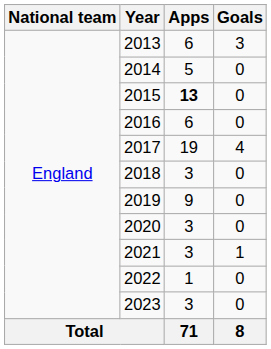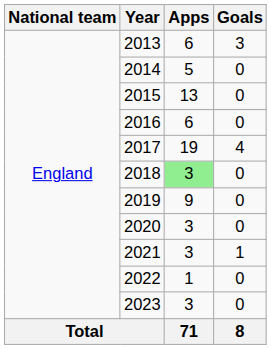 <table class="wikitable" style="text-align:center">
 <tr>
 <th>National team</th>
 <th>Year</th>
 <th>Apps</th>
 <th>Goals</th>
 </tr>
 <tr>
 <td rowspan="11"><a href='#'>England</a></td>
 <td>2013</td>
 <td>6</td>
 <td>3</td>
 </tr>
 <tr>
 <td>2014</td>
 <td>5</td>
 <td>0</td>
 </tr>
 <tr>
 <td>2015</td>
-<td><strong>13</strong></td>
+<td>13</td>
 <td>0</td>
 </tr>
 <tr>
 <td>2016</td>
 <td>6</td>
 <td>0</td>
 </tr>
 <tr>
 <td>2017</td>
 <td>19</td>
 <td>4</td>
 </tr>
 <tr>
 <td>2018</td>
-<td>3</td>
+<td style="background: lightgreen;">3</td>
 <td>0</td>
 </tr>
 <tr>
 <td>2019</td>
 <td>9</td>
 <td>0</td>
 </tr>
 <tr>
 <td>2020</td>
 <td>3</td>
 <td>0</td>
 </tr>
 <tr>
 <td>2021</td>
 <td>3</td>
 <td>1</td>
 </tr>
 <tr>
 <td>2022</td>
 <td>1</td>
 <td>0</td>
 </tr>
 <tr>
 <td>2023</td>
 <td>3</td>
 <td>0</td>
 </tr>
 <tr>
 <th colspan="2">Total</th>
 <th>71</th>
 <th>8</th>
 </tr>
 </table>
